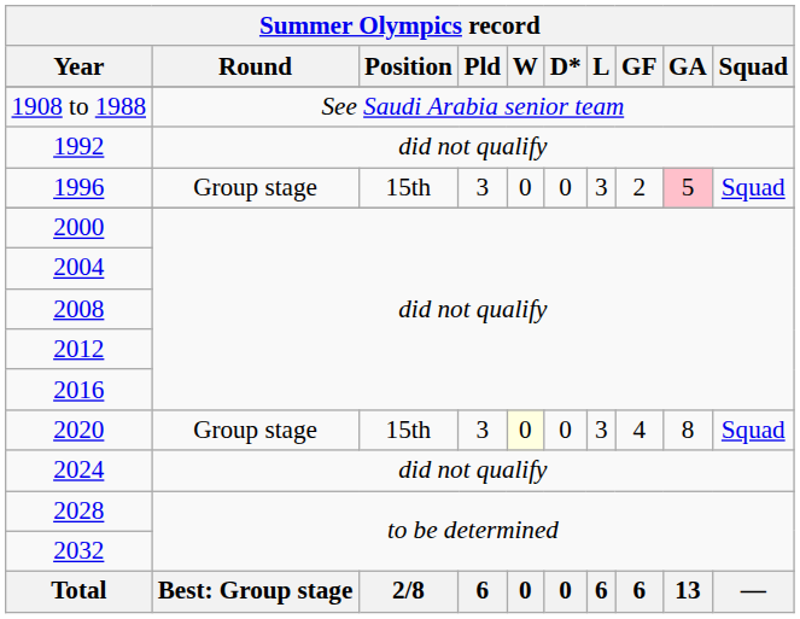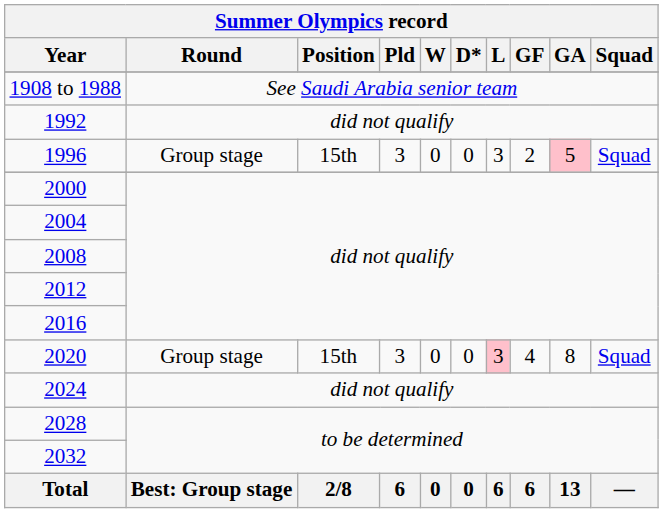 <table class="wikitable" style="text-align: center;">
 <tr>
 <th colspan=10><a href='#'>Summer Olympics</a> record</th>
 </tr>
 <tr>
 <th>Year</th>
 <th>Round</th>
 <th>Position</th>
 <th>Pld</th>
 <th>W</th>
 <th>D*</th>
 <th>L</th>
 <th>GF</th>
 <th>GA</th>
 <th>Squad</th>
 </tr>
 <tr>
 </tr>
 <tr>
 <td> <a href='#'>1908</a> to  <a href='#'>1988</a></td>
 <td colspan="10"><em>See <a href='#'>Saudi Arabia senior team</a></em></td>
 </tr>
 <tr>
 <td> <a href='#'>1992</a></td>
 <td colspan="10"><em>did not qualify</em></td>
 </tr>
 <tr>
 <td> <a href='#'>1996</a></td>
 <td>Group stage</td>
 <td>15th</td>
 <td>3</td>
 <td>0</td>
 <td>0</td>
 <td>3</td>
 <td>2</td>
 <td style="background: pink;">5</td>
 <td><a href='#'>Squad</a></td>
 </tr>
 <tr>
 </tr>
 <tr>
 <td> <a href='#'>2000</a></td>
 <td colspan="10" rowspan="5"><em>did not qualify</em></td>
 </tr>
 <tr>
 <td> <a href='#'>2004</a></td>
 </tr>
 <tr>
 <td> <a href='#'>2008</a></td>
 </tr>
 <tr>
 <td> <a href='#'>2012</a></td>
 </tr>
 <tr>
 <td> <a href='#'>2016</a></td>
 </tr>
 <tr>
 <td> <a href='#'>2020</a></td>
 <td>Group stage</td>
 <td>15th</td>
 <td>3</td>
-<td style="background: lightyellow;">0</td>
 <td>0</td>
-<td>3</td>
+<td>0</td>
+<td style="background: pink;">3</td>
 <td>4</td>
 <td>8</td>
 <td><a href='#'>Squad</a></td>
 </tr>
 <tr>
 <td> <a href='#'>2024</a></td>
 <td colspan="10"><em>did not qualify</em></td>
 </tr>
 <tr>
 <td> <a href='#'>2028</a></td>
 <td colspan="10" rowspan="2"><em>to be determined</em></td>
 </tr>
 <tr>
 <td> <a href='#'>2032</a></td>
 </tr>
 <tr>
 <th><strong>Total</strong></th>
 <th>Best: Group stage</th>
 <th>2/8</th>
 <th>6</th>
 <th>0</th>
 <th>0</th>
 <th>6</th>
 <th>6</th>
 <th>13</th>
 <th>—</th>
 </tr>
 </table>
